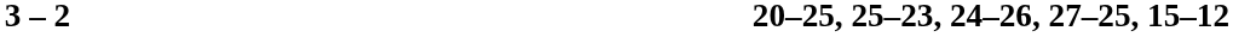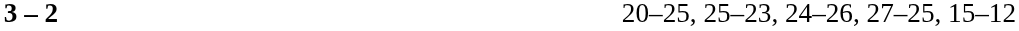 <table width=100% cellspacing=1>
 <tr>
 <th width=20%></th>
 <th width=12%></th>
 <th width=20%></th>
 <th width=33%></th>
 <td></td>
 </tr>
 <tr style=font-size:95%>
 <td align=right><strong></strong></td>
 <td align=center><strong>3 – 2</strong></td>
 <td></td>
-<td><strong>20–25, 25–23, 24–26, 27–25, 15–12</strong></td>
+<td>20–25, 25–23, 24–26, 27–25, 15–12</td>
 </tr>
 </table>
